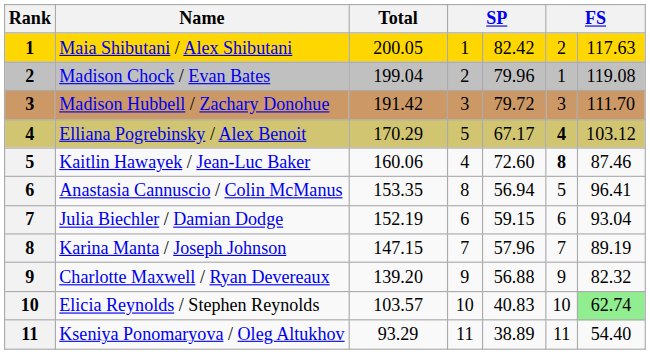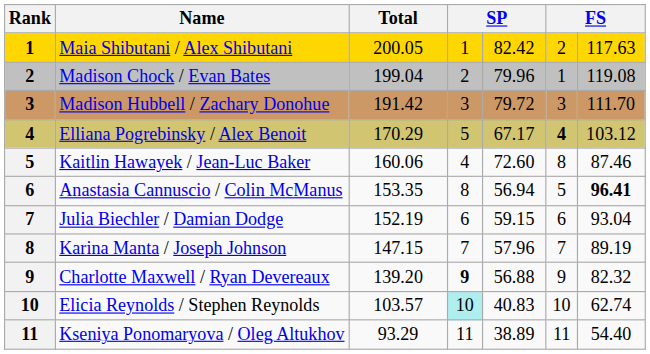 <table class="wikitable sortable">
 <tr>
 <th>Rank</th>
 <th>Name</th>
 <th width="80px">Total</th>
 <th colspan="2" width="80px"><a href='#'>SP</a></th>
 <th colspan="2" width="80px"><a href='#'>FS</a></th>
 </tr>
 <tr bgcolor="gold">
 <td align="center"><strong>1</strong></td>
 <td><a href='#'>Maia Shibutani</a> / <a href='#'>Alex Shibutani</a></td>
 <td align="center">200.05</td>
 <td align="center">1</td>
 <td align="center">82.42</td>
 <td align="center">2</td>
 <td align="center">117.63</td>
 </tr>
 <tr bgcolor="silver">
 <td align="center"><strong>2</strong></td>
 <td><a href='#'>Madison Chock</a> / <a href='#'>Evan Bates</a></td>
 <td align="center">199.04</td>
 <td align="center">2</td>
 <td align="center">79.96</td>
 <td align="center">1</td>
 <td align="center">119.08</td>
 </tr>
 <tr bgcolor="cc9966">
 <td align="center"><strong>3</strong></td>
 <td><a href='#'>Madison Hubbell</a> / <a href='#'>Zachary Donohue</a></td>
 <td align="center">191.42</td>
 <td align="center">3</td>
 <td align="center">79.72</td>
 <td align="center">3</td>
 <td align="center">111.70</td>
 </tr>
 <tr bgcolor="#d1c571">
 <td align="center"><strong>4</strong></td>
 <td><a href='#'>Elliana Pogrebinsky</a> / <a href='#'>Alex Benoit</a></td>
 <td align="center">170.29</td>
 <td align="center">5</td>
 <td align="center">67.17</td>
 <td align="center"><strong>4</strong></td>
 <td align="center">103.12</td>
 </tr>
 <tr>
 <th>5</th>
 <td><a href='#'>Kaitlin Hawayek</a> / <a href='#'>Jean-Luc Baker</a></td>
 <td align="center">160.06</td>
 <td align="center">4</td>
 <td align="center">72.60</td>
-<td align="center"><strong>8</strong></td>
+<td align="center">8</td>
 <td align="center">87.46</td>
 </tr>
 <tr>
 <th>6</th>
 <td><a href='#'>Anastasia Cannuscio</a> / <a href='#'>Colin McManus</a></td>
 <td align="center">153.35</td>
 <td align="center">8</td>
 <td align="center">56.94</td>
 <td align="center">5</td>
-<td align="center">96.41</td>
+<td align="center"><strong>96.41</strong></td>
 </tr>
 <tr>
 <th>7</th>
 <td><a href='#'>Julia Biechler</a> / <a href='#'>Damian Dodge</a></td>
 <td align="center">152.19</td>
 <td align="center">6</td>
 <td align="center">59.15</td>
 <td align="center">6</td>
 <td align="center">93.04</td>
 </tr>
 <tr>
 <th>8</th>
 <td><a href='#'>Karina Manta</a> / <a href='#'>Joseph Johnson</a></td>
 <td align="center">147.15</td>
 <td align="center">7</td>
 <td align="center">57.96</td>
 <td align="center">7</td>
 <td align="center">89.19</td>
 </tr>
 <tr>
 <th>9</th>
 <td><a href='#'>Charlotte Maxwell</a> / <a href='#'>Ryan Devereaux</a></td>
 <td align="center">139.20</td>
-<td align="center">9</td>
+<td align="center"><strong>9</strong></td>
 <td align="center">56.88</td>
 <td align="center">9</td>
 <td align="center">82.32</td>
 </tr>
 <tr>
 <th>10</th>
 <td><a href='#'>Elicia Reynolds</a> / Stephen Reynolds</td>
 <td align="center">103.57</td>
-<td align="center">10</td>
+<td align="center" style="background: paleturquoise;">10</td>
 <td align="center">40.83</td>
 <td align="center">10</td>
-<td align="center" style="background: lightgreen;">62.74</td>
+<td align="center">62.74</td>
 </tr>
 <tr>
 <th>11</th>
 <td><a href='#'>Kseniya Ponomaryova</a> / <a href='#'>Oleg Altukhov</a></td>
 <td align="center">93.29</td>
 <td align="center">11</td>
 <td align="center">38.89</td>
 <td align="center">11</td>
 <td align="center">54.40</td>
 </tr>
 </table>
